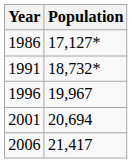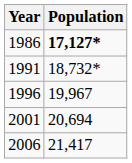 <table class="wikitable">
 <tr>
 <th>Year</th>
 <th>Population</th>
 </tr>
 <tr>
 <td>1986</td>
-<td>17,127*</td>
+<td><strong>17,127*</strong></td>
 </tr>
 <tr>
 <td>1991</td>
 <td>18,732*</td>
 </tr>
 <tr>
 <td>1996</td>
 <td>19,967</td>
 </tr>
 <tr>
 <td>2001</td>
 <td>20,694</td>
 </tr>
 <tr>
 <td>2006</td>
 <td>21,417</td>
 </tr>
 </table>
